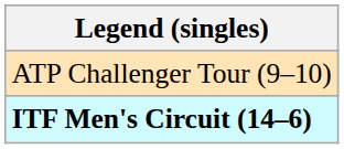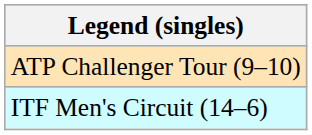 <table class=wikitable style=font-size:97%>
 <tr>
 <th>Legend (singles)</th>
 </tr>
 <tr bgcolor=moccasin>
 <td>ATP Challenger Tour (9–10)</td>
 </tr>
 <tr bgcolor=CFFCFF>
-<td><strong>ITF Men's Circuit (14–6)</strong></td>
+<td>ITF Men's Circuit (14–6)</td>
 </tr>
 </table>
